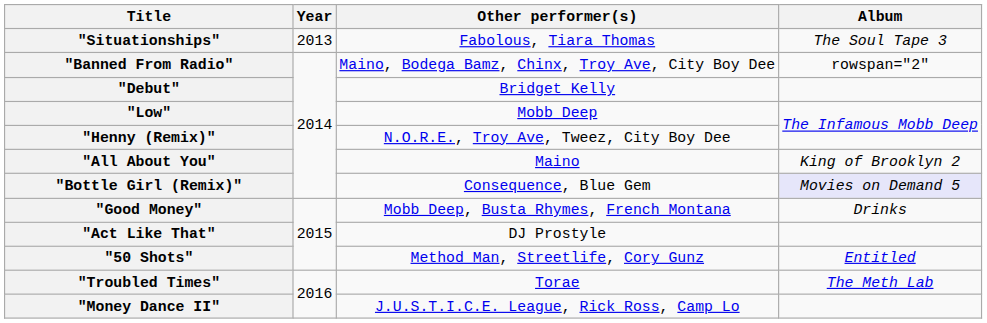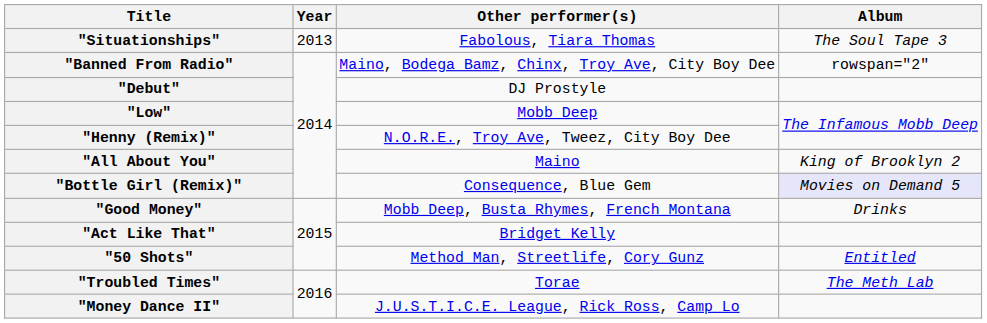 <table class="wikitable plainrowheaders" style="text-align:center;">
 <tr>
 <th style="width:19em;">Title</th>
 <th>Year</th>
 <th>Other performer(s)</th>
 <th>Album</th>
 </tr>
 <tr>
 <th scope="row">"Situationships"</th>
 <td>2013</td>
 <td><a href='#'>Fabolous</a>, <a href='#'>Tiara Thomas</a></td>
 <td><em>The Soul Tape 3</em></td>
 </tr>
 <tr>
 <th scope="row">"Banned From Radio"</th>
 <td rowspan="6">2014</td>
 <td><a href='#'>Maino</a>, <a href='#'>Bodega Bamz</a>, <a href='#'>Chinx</a>, <a href='#'>Troy Ave</a>, City Boy Dee</td>
 <td>rowspan="2" </td>
 </tr>
 <tr>
 <th scope="row">"Debut"</th>
-<td><a href='#'>Bridget Kelly</a></td>
+<td>DJ Prostyle</td>
 </tr>
 <tr>
 <th scope="row">"Low"</th>
 <td><a href='#'>Mobb Deep</a></td>
 <td rowspan="2"><em><a href='#'>The Infamous Mobb Deep</a></em></td>
 </tr>
 <tr>
 <th scope="row">"Henny (Remix)"</th>
 <td><a href='#'>N.O.R.E.</a>, <a href='#'>Troy Ave</a>, Tweez, City Boy Dee</td>
 </tr>
 <tr>
 <th scope="row">"All About You"</th>
 <td><a href='#'>Maino</a></td>
 <td><em>King of Brooklyn 2</em></td>
 </tr>
 <tr>
 <th scope="row">"Bottle Girl (Remix)"</th>
 <td><a href='#'>Consequence</a>, Blue Gem</td>
 <td style="background: lavender;"><em>Movies on Demand 5</em></td>
 </tr>
 <tr>
 <th scope="row">"Good Money"</th>
 <td rowspan="3">2015</td>
 <td><a href='#'>Mobb Deep</a>, <a href='#'>Busta Rhymes</a>, <a href='#'>French Montana</a></td>
 <td><em>Drinks</em></td>
 </tr>
 <tr>
 <th scope="row">"Act Like That"</th>
-<td>DJ Prostyle</td>
+<td><a href='#'>Bridget Kelly</a></td>
 <td></td>
 </tr>
 <tr>
 <th scope="row">"50 Shots"</th>
 <td><a href='#'>Method Man</a>, <a href='#'>Streetlife</a>, <a href='#'>Cory Gunz</a></td>
 <td><em><a href='#'>Entitled</a></em></td>
 </tr>
 <tr>
 <th scope="row">"Troubled Times"</th>
 <td rowspan="2">2016</td>
 <td><a href='#'>Torae</a></td>
 <td><em><a href='#'>The Meth Lab</a></em></td>
 </tr>
 <tr>
 <th scope="row">"Money Dance II"</th>
 <td><a href='#'>J.U.S.T.I.C.E. League</a>, <a href='#'>Rick Ross</a>, <a href='#'>Camp Lo</a></td>
 <td></td>
 </tr>
 </table>
